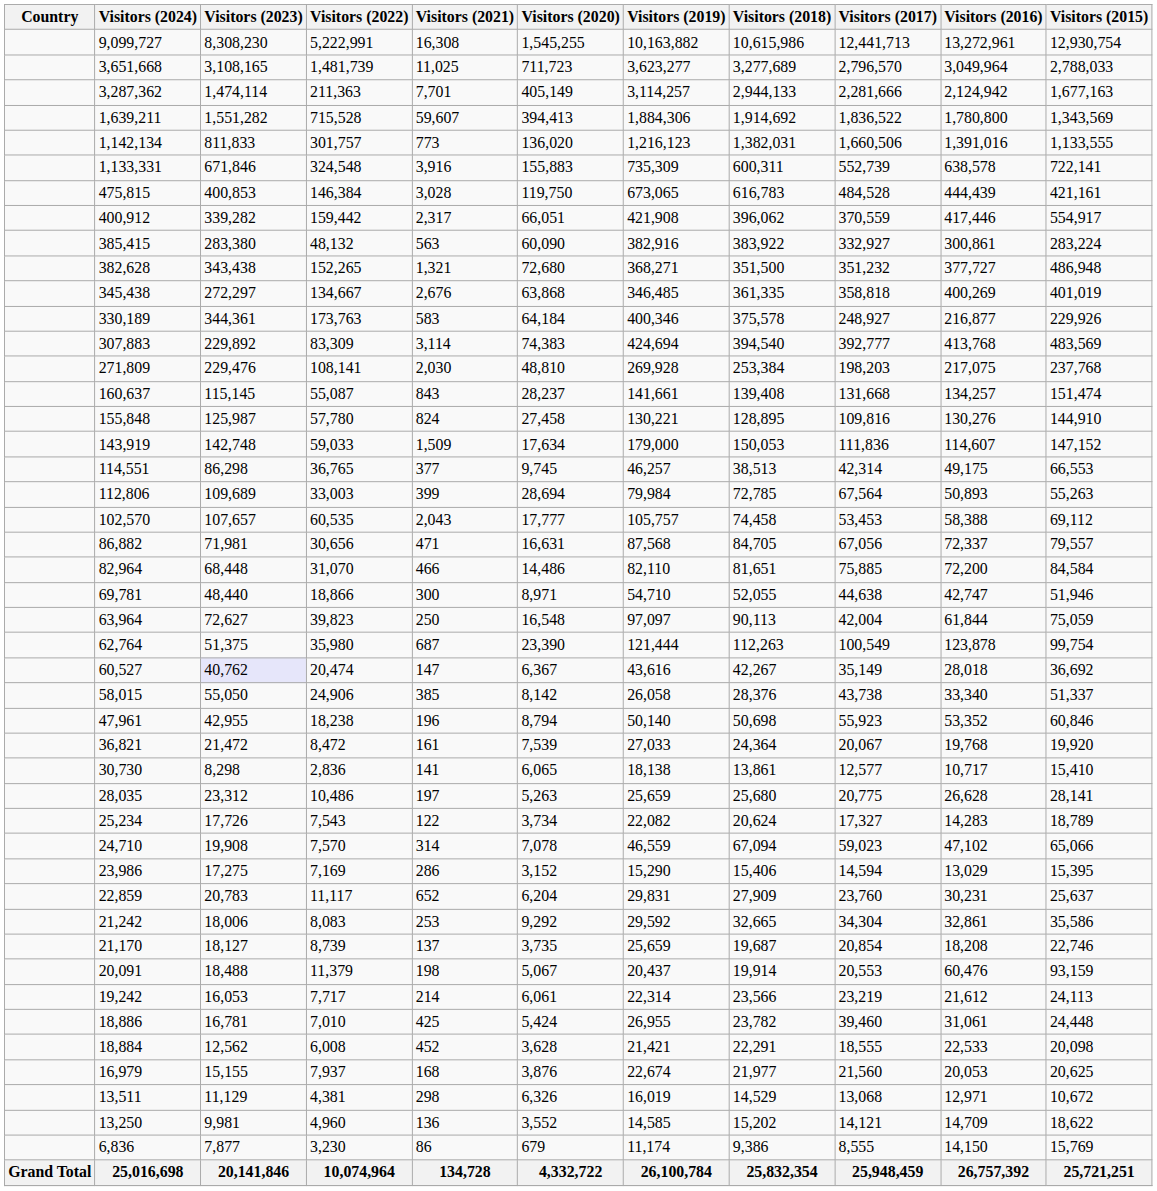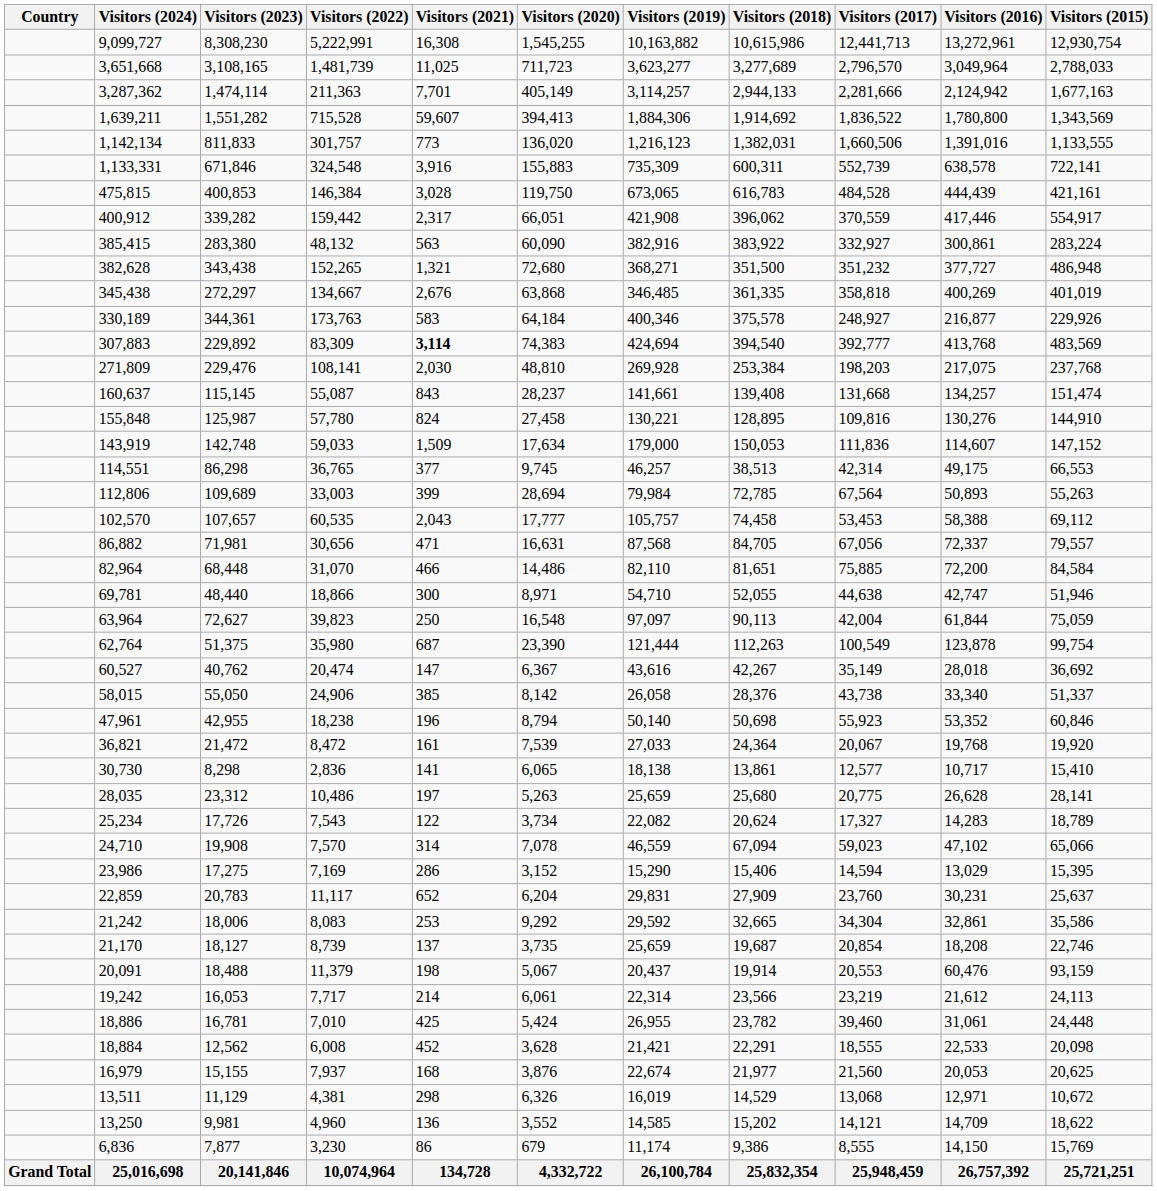 <table class="wikitable sortable static-row-numbers static-row-header-hash">
 <tr>
 <th>Country</th>
 <th>Visitors (2024)</th>
 <th>Visitors (2023)</th>
 <th>Visitors (2022)</th>
 <th>Visitors (2021)</th>
 <th>Visitors (2020)</th>
 <th>Visitors (2019)</th>
 <th>Visitors (2018)</th>
 <th>Visitors (2017)</th>
 <th>Visitors (2016)</th>
 <th>Visitors (2015)</th>
 </tr>
 <tr>
 <td></td>
 <td>9,099,727</td>
 <td>8,308,230</td>
 <td>5,222,991</td>
 <td>16,308</td>
 <td>1,545,255</td>
 <td>10,163,882</td>
 <td>10,615,986</td>
 <td>12,441,713</td>
 <td>13,272,961</td>
 <td>12,930,754</td>
 </tr>
 <tr>
 <td></td>
 <td>3,651,668</td>
 <td>3,108,165</td>
 <td>1,481,739</td>
 <td>11,025</td>
 <td>711,723</td>
 <td>3,623,277</td>
 <td>3,277,689</td>
 <td>2,796,570</td>
 <td>3,049,964</td>
 <td>2,788,033</td>
 </tr>
 <tr>
 <td></td>
 <td>3,287,362</td>
 <td>1,474,114</td>
 <td>211,363</td>
 <td>7,701</td>
 <td>405,149</td>
 <td>3,114,257</td>
 <td>2,944,133</td>
 <td>2,281,666</td>
 <td>2,124,942</td>
 <td>1,677,163</td>
 </tr>
 <tr>
 <td></td>
 <td>1,639,211</td>
 <td>1,551,282</td>
 <td>715,528</td>
 <td>59,607</td>
 <td>394,413</td>
 <td>1,884,306</td>
 <td>1,914,692</td>
 <td>1,836,522</td>
 <td>1,780,800</td>
 <td>1,343,569</td>
 </tr>
 <tr>
 <td></td>
 <td>1,142,134</td>
 <td>811,833</td>
 <td>301,757</td>
 <td>773</td>
 <td>136,020</td>
 <td>1,216,123</td>
 <td>1,382,031</td>
 <td>1,660,506</td>
 <td>1,391,016</td>
 <td>1,133,555</td>
 </tr>
 <tr>
 <td></td>
 <td>1,133,331</td>
 <td>671,846</td>
 <td>324,548</td>
 <td>3,916</td>
 <td>155,883</td>
 <td>735,309</td>
 <td>600,311</td>
 <td>552,739</td>
 <td>638,578</td>
 <td>722,141</td>
 </tr>
 <tr>
 <td></td>
 <td>475,815</td>
 <td>400,853</td>
 <td>146,384</td>
 <td>3,028</td>
 <td>119,750</td>
 <td>673,065</td>
 <td>616,783</td>
 <td>484,528</td>
 <td>444,439</td>
 <td>421,161</td>
 </tr>
 <tr>
 <td></td>
 <td>400,912</td>
 <td>339,282</td>
 <td>159,442</td>
 <td>2,317</td>
 <td>66,051</td>
 <td>421,908</td>
 <td>396,062</td>
 <td>370,559</td>
 <td>417,446</td>
 <td>554,917</td>
 </tr>
 <tr>
 <td></td>
 <td>385,415</td>
 <td>283,380</td>
 <td>48,132</td>
 <td>563</td>
 <td>60,090</td>
 <td>382,916</td>
 <td>383,922</td>
 <td>332,927</td>
 <td>300,861</td>
 <td>283,224</td>
 </tr>
 <tr>
 <td></td>
 <td>382,628</td>
 <td>343,438</td>
 <td>152,265</td>
 <td>1,321</td>
 <td>72,680</td>
 <td>368,271</td>
 <td>351,500</td>
 <td>351,232</td>
 <td>377,727</td>
 <td>486,948</td>
 </tr>
 <tr>
 <td></td>
 <td>345,438</td>
 <td>272,297</td>
 <td>134,667</td>
 <td>2,676</td>
 <td>63,868</td>
 <td>346,485</td>
 <td>361,335</td>
 <td>358,818</td>
 <td>400,269</td>
 <td>401,019</td>
 </tr>
 <tr>
 <td></td>
 <td>330,189</td>
 <td>344,361</td>
 <td>173,763</td>
 <td>583</td>
 <td>64,184</td>
 <td>400,346</td>
 <td>375,578</td>
 <td>248,927</td>
 <td>216,877</td>
 <td>229,926</td>
 </tr>
 <tr>
 <td></td>
 <td>307,883</td>
 <td>229,892</td>
 <td>83,309</td>
-<td>3,114</td>
+<td><strong>3,114</strong></td>
 <td>74,383</td>
 <td>424,694</td>
 <td>394,540</td>
 <td>392,777</td>
 <td>413,768</td>
 <td>483,569</td>
 </tr>
 <tr>
 <td></td>
 <td>271,809</td>
 <td>229,476</td>
 <td>108,141</td>
 <td>2,030</td>
 <td>48,810</td>
 <td>269,928</td>
 <td>253,384</td>
 <td>198,203</td>
 <td>217,075</td>
 <td>237,768</td>
 </tr>
 <tr>
 <td></td>
 <td>160,637</td>
 <td>115,145</td>
 <td>55,087</td>
 <td>843</td>
 <td>28,237</td>
 <td>141,661</td>
 <td>139,408</td>
 <td>131,668</td>
 <td>134,257</td>
 <td>151,474</td>
 </tr>
 <tr>
 <td></td>
 <td>155,848</td>
 <td>125,987</td>
 <td>57,780</td>
 <td>824</td>
 <td>27,458</td>
 <td>130,221</td>
 <td>128,895</td>
 <td>109,816</td>
 <td>130,276</td>
 <td>144,910</td>
 </tr>
 <tr>
 <td></td>
 <td>143,919</td>
 <td>142,748</td>
 <td>59,033</td>
 <td>1,509</td>
 <td>17,634</td>
 <td>179,000</td>
 <td>150,053</td>
 <td>111,836</td>
 <td>114,607</td>
 <td>147,152</td>
 </tr>
 <tr>
 <td></td>
 <td>114,551</td>
 <td>86,298</td>
 <td>36,765</td>
 <td>377</td>
 <td>9,745</td>
 <td>46,257</td>
 <td>38,513</td>
 <td>42,314</td>
 <td>49,175</td>
 <td>66,553</td>
 </tr>
 <tr>
 <td></td>
 <td>112,806</td>
 <td>109,689</td>
 <td>33,003</td>
 <td>399</td>
 <td>28,694</td>
 <td>79,984</td>
 <td>72,785</td>
 <td>67,564</td>
 <td>50,893</td>
 <td>55,263</td>
 </tr>
 <tr>
 <td></td>
 <td>102,570</td>
 <td>107,657</td>
 <td>60,535</td>
 <td>2,043</td>
 <td>17,777</td>
 <td>105,757</td>
 <td>74,458</td>
 <td>53,453</td>
 <td>58,388</td>
 <td>69,112</td>
 </tr>
 <tr>
 <td></td>
 <td>86,882</td>
 <td>71,981</td>
 <td>30,656</td>
 <td>471</td>
 <td>16,631</td>
 <td>87,568</td>
 <td>84,705</td>
 <td>67,056</td>
 <td>72,337</td>
 <td>79,557</td>
 </tr>
 <tr>
 <td></td>
 <td>82,964</td>
 <td>68,448</td>
 <td>31,070</td>
 <td>466</td>
 <td>14,486</td>
 <td>82,110</td>
 <td>81,651</td>
 <td>75,885</td>
 <td>72,200</td>
 <td>84,584</td>
 </tr>
 <tr>
 <td></td>
 <td>69,781</td>
 <td>48,440</td>
 <td>18,866</td>
 <td>300</td>
 <td>8,971</td>
 <td>54,710</td>
 <td>52,055</td>
 <td>44,638</td>
 <td>42,747</td>
 <td>51,946</td>
 </tr>
 <tr>
 <td></td>
 <td>63,964</td>
 <td>72,627</td>
 <td>39,823</td>
 <td>250</td>
 <td>16,548</td>
 <td>97,097</td>
 <td>90,113</td>
 <td>42,004</td>
 <td>61,844</td>
 <td>75,059</td>
 </tr>
 <tr>
 <td></td>
 <td>62,764</td>
 <td>51,375</td>
 <td>35,980</td>
 <td>687</td>
 <td>23,390</td>
 <td>121,444</td>
 <td>112,263</td>
 <td>100,549</td>
 <td>123,878</td>
 <td>99,754</td>
 </tr>
 <tr>
 <td></td>
 <td>60,527</td>
-<td style="background: lavender;">40,762</td>
+<td>40,762</td>
 <td>20,474</td>
 <td>147</td>
 <td>6,367</td>
 <td>43,616</td>
 <td>42,267</td>
 <td>35,149</td>
 <td>28,018</td>
 <td>36,692</td>
 </tr>
 <tr>
 <td></td>
 <td>58,015</td>
 <td>55,050</td>
 <td>24,906</td>
 <td>385</td>
 <td>8,142</td>
 <td>26,058</td>
 <td>28,376</td>
 <td>43,738</td>
 <td>33,340</td>
 <td>51,337</td>
 </tr>
 <tr>
 <td></td>
 <td>47,961</td>
 <td>42,955</td>
 <td>18,238</td>
 <td>196</td>
 <td>8,794</td>
 <td>50,140</td>
 <td>50,698</td>
 <td>55,923</td>
 <td>53,352</td>
 <td>60,846</td>
 </tr>
 <tr>
 <td></td>
 <td>36,821</td>
 <td>21,472</td>
 <td>8,472</td>
 <td>161</td>
 <td>7,539</td>
 <td>27,033</td>
 <td>24,364</td>
 <td>20,067</td>
 <td>19,768</td>
 <td>19,920</td>
 </tr>
 <tr>
 <td></td>
 <td>30,730</td>
 <td>8,298</td>
 <td>2,836</td>
 <td>141</td>
 <td>6,065</td>
 <td>18,138</td>
 <td>13,861</td>
 <td>12,577</td>
 <td>10,717</td>
 <td>15,410</td>
 </tr>
 <tr>
 <td></td>
 <td>28,035</td>
 <td>23,312</td>
 <td>10,486</td>
 <td>197</td>
 <td>5,263</td>
 <td>25,659</td>
 <td>25,680</td>
 <td>20,775</td>
 <td>26,628</td>
 <td>28,141</td>
 </tr>
 <tr>
 <td></td>
 <td>25,234</td>
 <td>17,726</td>
 <td>7,543</td>
 <td>122</td>
 <td>3,734</td>
 <td>22,082</td>
 <td>20,624</td>
 <td>17,327</td>
 <td>14,283</td>
 <td>18,789</td>
 </tr>
 <tr>
 <td></td>
 <td>24,710</td>
 <td>19,908</td>
 <td>7,570</td>
 <td>314</td>
 <td>7,078</td>
 <td>46,559</td>
 <td>67,094</td>
 <td>59,023</td>
 <td>47,102</td>
 <td>65,066</td>
 </tr>
 <tr>
 <td></td>
 <td>23,986</td>
 <td>17,275</td>
 <td>7,169</td>
 <td>286</td>
 <td>3,152</td>
 <td>15,290</td>
 <td>15,406</td>
 <td>14,594</td>
 <td>13,029</td>
 <td>15,395</td>
 </tr>
 <tr>
 <td></td>
 <td>22,859</td>
 <td>20,783</td>
 <td>11,117</td>
 <td>652</td>
 <td>6,204</td>
 <td>29,831</td>
 <td>27,909</td>
 <td>23,760</td>
 <td>30,231</td>
 <td>25,637</td>
 </tr>
 <tr>
 <td></td>
 <td>21,242</td>
 <td>18,006</td>
 <td>8,083</td>
 <td>253</td>
 <td>9,292</td>
 <td>29,592</td>
 <td>32,665</td>
 <td>34,304</td>
 <td>32,861</td>
 <td>35,586</td>
 </tr>
 <tr>
 <td></td>
 <td>21,170</td>
 <td>18,127</td>
 <td>8,739</td>
 <td>137</td>
 <td>3,735</td>
 <td>25,659</td>
 <td>19,687</td>
 <td>20,854</td>
 <td>18,208</td>
 <td>22,746</td>
 </tr>
 <tr>
 <td></td>
 <td>20,091</td>
 <td>18,488</td>
 <td>11,379</td>
 <td>198</td>
 <td>5,067</td>
 <td>20,437</td>
 <td>19,914</td>
 <td>20,553</td>
 <td>60,476</td>
 <td>93,159</td>
 </tr>
 <tr>
 <td></td>
 <td>19,242</td>
 <td>16,053</td>
 <td>7,717</td>
 <td>214</td>
 <td>6,061</td>
 <td>22,314</td>
 <td>23,566</td>
 <td>23,219</td>
 <td>21,612</td>
 <td>24,113</td>
 </tr>
 <tr>
 <td></td>
 <td>18,886</td>
 <td>16,781</td>
 <td>7,010</td>
 <td>425</td>
 <td>5,424</td>
 <td>26,955</td>
 <td>23,782</td>
 <td>39,460</td>
 <td>31,061</td>
 <td>24,448</td>
 </tr>
 <tr>
 <td></td>
 <td>18,884</td>
 <td>12,562</td>
 <td>6,008</td>
 <td>452</td>
 <td>3,628</td>
 <td>21,421</td>
 <td>22,291</td>
 <td>18,555</td>
 <td>22,533</td>
 <td>20,098</td>
 </tr>
 <tr>
 <td></td>
 <td>16,979</td>
 <td>15,155</td>
 <td>7,937</td>
 <td>168</td>
 <td>3,876</td>
 <td>22,674</td>
 <td>21,977</td>
 <td>21,560</td>
 <td>20,053</td>
 <td>20,625</td>
 </tr>
 <tr>
 <td></td>
 <td>13,511</td>
 <td>11,129</td>
 <td>4,381</td>
 <td>298</td>
 <td>6,326</td>
 <td>16,019</td>
 <td>14,529</td>
 <td>13,068</td>
 <td>12,971</td>
 <td>10,672</td>
 </tr>
 <tr>
 <td></td>
 <td>13,250</td>
 <td>9,981</td>
 <td>4,960</td>
 <td>136</td>
 <td>3,552</td>
 <td>14,585</td>
 <td>15,202</td>
 <td>14,121</td>
 <td>14,709</td>
 <td>18,622</td>
 </tr>
 <tr>
 <td></td>
 <td>6,836</td>
 <td>7,877</td>
 <td>3,230</td>
 <td>86</td>
 <td>679</td>
 <td>11,174</td>
 <td>9,386</td>
 <td>8,555</td>
 <td>14,150</td>
 <td>15,769</td>
 </tr>
 <tr>
 <th>Grand Total</th>
 <th>25,016,698</th>
 <th>20,141,846</th>
 <th>10,074,964</th>
 <th>134,728</th>
 <th>4,332,722</th>
 <th>26,100,784</th>
 <th>25,832,354</th>
 <th>25,948,459</th>
 <th>26,757,392</th>
 <th>25,721,251</th>
 </tr>
 <tr>
 </tr>
 </table>
